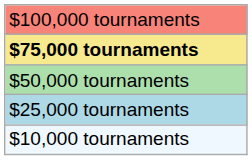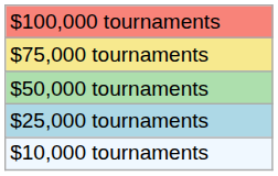 <table class="wikitable" style="font-size:85%; width:11%;">
 <tr style="background:#f88379;">
 <td>$100,000 tournaments</td>
 </tr>
 <tr style="background:#f7e98e;">
-<td><strong>$75,000 tournaments</strong></td>
+<td>$75,000 tournaments</td>
 </tr>
 <tr style="background:#addfad;">
 <td>$50,000 tournaments</td>
 </tr>
 <tr style="background:lightblue;">
 <td>$25,000 tournaments</td>
 </tr>
 <tr style="background:#f0f8ff;">
 <td>$10,000 tournaments</td>
 </tr>
 </table>
